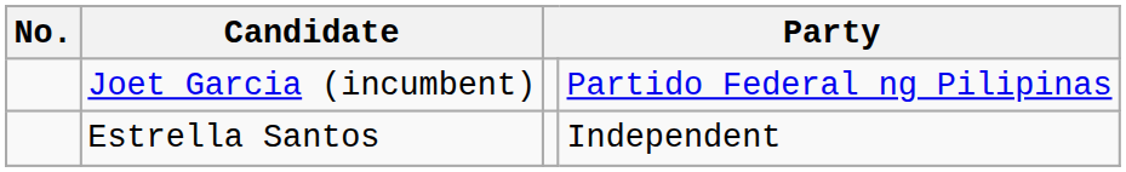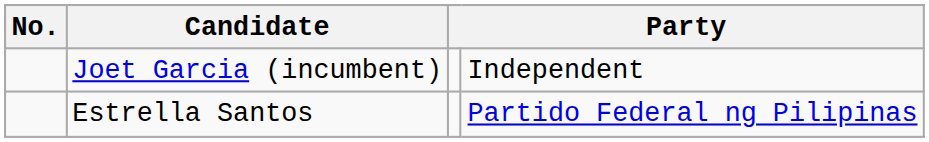 <table class="wikitable sortable" style="text-align:left;">
 <tr>
 <th>No.</th>
 <th>Candidate</th>
 <th colspan="2">Party</th>
 </tr>
 <tr>
 <td></td>
 <td><a href='#'>Joet Garcia</a> (incumbent)</td>
 <td></td>
-<td><a href='#'>Partido Federal ng Pilipinas</a></td>
+<td>Independent</td>
 </tr>
 <tr>
 <td></td>
 <td>Estrella Santos</td>
 <td></td>
-<td>Independent</td>
+<td><a href='#'>Partido Federal ng Pilipinas</a></td>
 </tr>
 </table>
